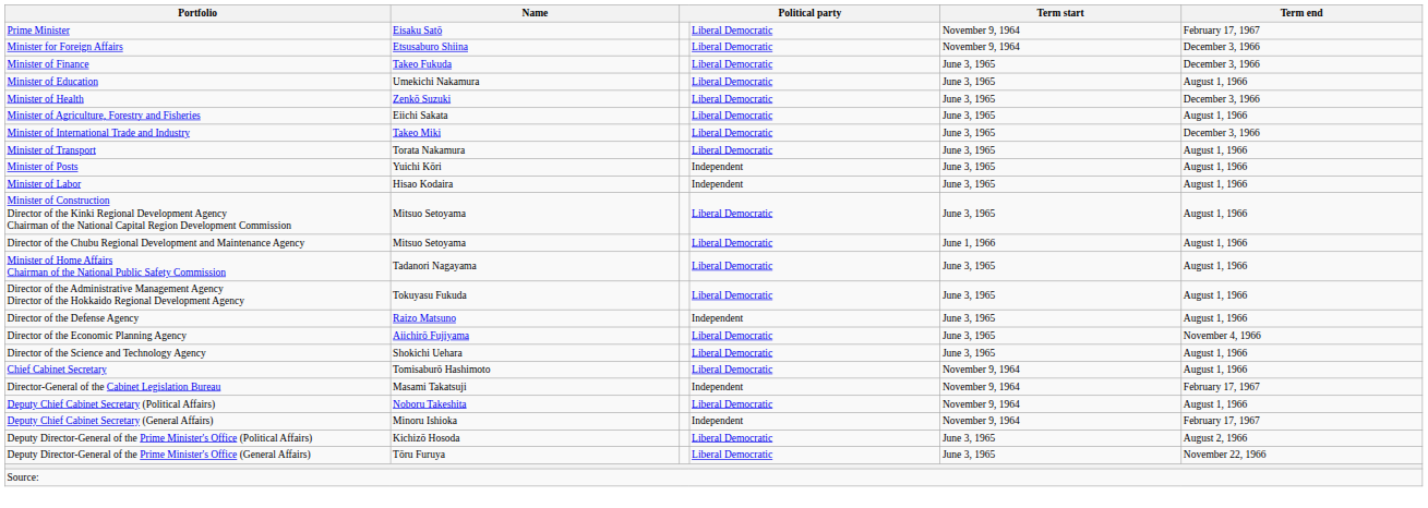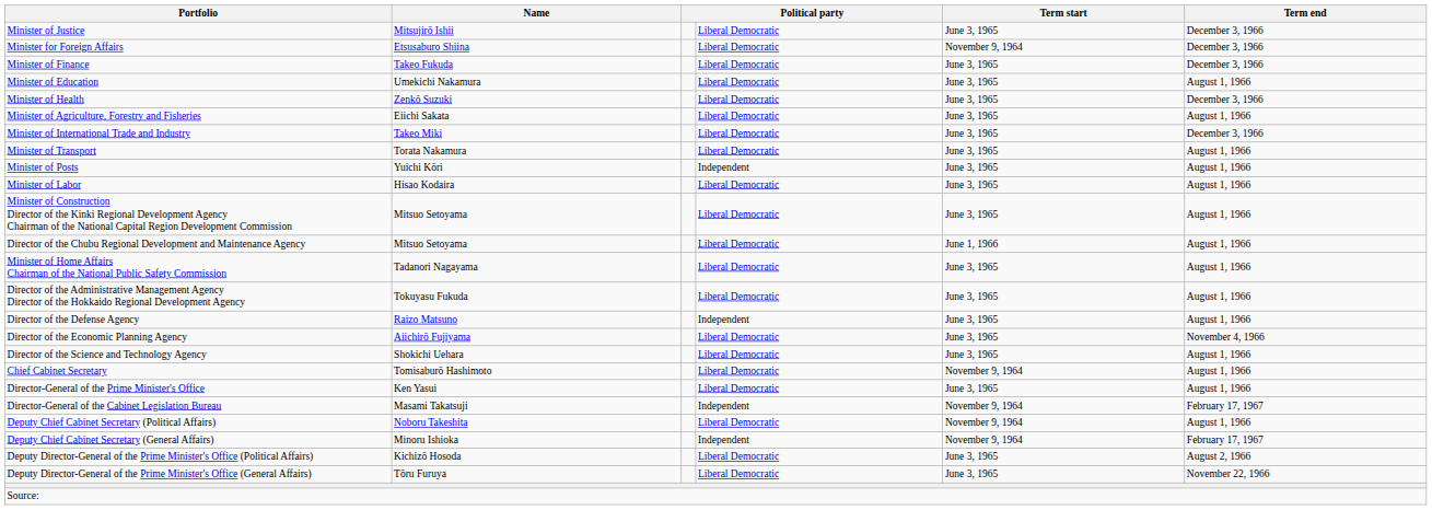 <table class="wikitable" style="font-size: 90%;">
 <tr>
 <th width="20%" scope="col">Portfolio</th>
 <th width="15%" scope="col">Name</th>
 <th colspan="2" width="13.5%" scope="col">Political party</th>
 <th width="12.5%" scope="col">Term start</th>
 <th width="12.5%" scope="col">Term end</th>
 </tr>
 <tr>
-<td style="text-align: left;"><a href='#'>Prime Minister</a></td>
-<td><a href='#'>Eisaku Satō</a></td>
-<td width="0.5%" style="background:"></td>
+<td><a href='#'>Minister of Justice</a></td>
+<td><a href='#'>Mitsujirō Ishii</a></td>
+<td style="color:inherit;background:"></td>
 <td><a href='#'>Liberal Democratic</a></td>
-<td>November 9, 1964</td>
-<td>February 17, 1967</td>
+<td>June 3, 1965</td>
+<td>December 3, 1966</td>
 </tr>
 <tr>
 <td><a href='#'>Minister for Foreign Affairs</a></td>
 <td><a href='#'>Etsusaburo Shiina</a></td>
 <td style="color:inherit;background:"></td>
 <td><a href='#'>Liberal Democratic</a></td>
 <td>November 9, 1964</td>
 <td>December 3, 1966</td>
 </tr>
 <tr>
 <td><a href='#'>Minister of Finance</a></td>
 <td><a href='#'>Takeo Fukuda</a></td>
 <td style="color:inherit;background:"></td>
 <td><a href='#'>Liberal Democratic</a></td>
 <td>June 3, 1965</td>
 <td>December 3, 1966</td>
 </tr>
 <tr>
 <td><a href='#'>Minister of Education</a></td>
 <td>Umekichi Nakamura</td>
 <td style="color:inherit;background:"></td>
 <td><a href='#'>Liberal Democratic</a></td>
 <td>June 3, 1965</td>
 <td>August 1, 1966</td>
 </tr>
 <tr>
 <td><a href='#'>Minister of Health</a></td>
 <td><a href='#'>Zenkō Suzuki</a></td>
 <td style="color:inherit;background:"></td>
 <td><a href='#'>Liberal Democratic</a></td>
 <td>June 3, 1965</td>
 <td>December 3, 1966</td>
 </tr>
 <tr>
 <td><a href='#'>Minister of Agriculture, Forestry and Fisheries</a></td>
 <td>Eiichi Sakata</td>
 <td style="color:inherit;background:"></td>
 <td><a href='#'>Liberal Democratic</a></td>
 <td>June 3, 1965</td>
 <td>August 1, 1966</td>
 </tr>
 <tr>
 <td><a href='#'>Minister of International Trade and Industry</a></td>
 <td><a href='#'>Takeo Miki</a></td>
 <td style="color:inherit;background:"></td>
 <td><a href='#'>Liberal Democratic</a></td>
 <td>June 3, 1965</td>
 <td>December 3, 1966</td>
 </tr>
 <tr>
 <td><a href='#'>Minister of Transport</a></td>
 <td>Torata Nakamura</td>
 <td style="color:inherit;background:"></td>
 <td><a href='#'>Liberal Democratic</a></td>
 <td>June 3, 1965</td>
 <td>August 1, 1966</td>
 </tr>
 <tr>
 <td><a href='#'>Minister of Posts</a></td>
 <td>Yuichi Kōri</td>
 <td style="color:inherit;background:"></td>
 <td>Independent</td>
 <td>June 3, 1965</td>
 <td>August 1, 1966</td>
 </tr>
 <tr>
 <td><a href='#'>Minister of Labor</a></td>
 <td>Hisao Kodaira</td>
 <td style="color:inherit;background:"></td>
-<td>Independent</td>
+<td><a href='#'>Liberal Democratic</a></td>
 <td>June 3, 1965</td>
 <td>August 1, 1966</td>
 </tr>
 <tr>
 <td><a href='#'>Minister of Construction</a><br>Director of the Kinki Regional Development Agency<br>Chairman of the National Capital Region Development Commission</td>
 <td>Mitsuo Setoyama</td>
 <td style="color:inherit;background:"></td>
 <td><a href='#'>Liberal Democratic</a></td>
 <td>June 3, 1965</td>
 <td>August 1, 1966</td>
 </tr>
 <tr>
 <td>Director of the Chubu Regional Development and Maintenance Agency</td>
 <td>Mitsuo Setoyama</td>
 <td style="color:inherit;background:"></td>
 <td><a href='#'>Liberal Democratic</a></td>
 <td>June 1, 1966</td>
 <td>August 1, 1966</td>
 </tr>
 <tr>
 <td><a href='#'>Minister of Home Affairs</a><br><a href='#'>Chairman of the National Public Safety Commission</a></td>
 <td>Tadanori Nagayama</td>
 <td style="color:inherit;background:"></td>
 <td><a href='#'>Liberal Democratic</a></td>
 <td>June 3, 1965</td>
 <td>August 1, 1966</td>
 </tr>
 <tr>
 <td>Director of the Administrative Management Agency<br>Director of the Hokkaido Regional Development Agency</td>
 <td>Tokuyasu Fukuda</td>
 <td style="color:inherit;background:"></td>
 <td><a href='#'>Liberal Democratic</a></td>
 <td>June 3, 1965</td>
 <td>August 1, 1966</td>
 </tr>
 <tr>
 <td>Director of the Defense Agency</td>
 <td><a href='#'>Raizo Matsuno</a></td>
 <td style="color:inherit;background:"></td>
 <td>Independent</td>
 <td>June 3, 1965</td>
 <td>August 1, 1966</td>
 </tr>
 <tr>
 <td>Director of the Economic Planning Agency</td>
 <td><a href='#'>Aiichirō Fujiyama</a></td>
 <td style="color:inherit;background:"></td>
 <td><a href='#'>Liberal Democratic</a></td>
 <td>June 3, 1965</td>
 <td>November 4, 1966</td>
 </tr>
 <tr>
 <td>Director of the Science and Technology Agency</td>
 <td>Shokichi Uehara</td>
 <td style="color:inherit;background:"></td>
 <td><a href='#'>Liberal Democratic</a></td>
 <td>June 3, 1965</td>
 <td>August 1, 1966</td>
 </tr>
 <tr>
 <td><a href='#'>Chief Cabinet Secretary</a></td>
 <td>Tomisaburō Hashimoto</td>
 <td style="color:inherit;background:"></td>
 <td><a href='#'>Liberal Democratic</a></td>
 <td>November 9, 1964</td>
 <td>August 1, 1966</td>
 </tr>
 <tr>
+<td>Director-General of the <a href='#'>Prime Minister's Office</a></td>
+<td>Ken Yasui</td>
+<td style="color:inherit;background:"></td>
+<td><a href='#'>Liberal Democratic</a></td>
+<td>June 3, 1965</td>
+<td>August 1, 1966</td>
+</tr>
+<tr>
 <td>Director-General of the <a href='#'>Cabinet Legislation Bureau</a></td>
 <td>Masami Takatsuji</td>
 <td style="color:inherit;background:"></td>
 <td>Independent</td>
 <td>November 9, 1964</td>
 <td>February 17, 1967</td>
 </tr>
 <tr>
 <td><a href='#'>Deputy Chief Cabinet Secretary</a> (Political Affairs)</td>
 <td><a href='#'>Noboru Takeshita</a></td>
 <td style="color:inherit;background:"></td>
 <td><a href='#'>Liberal Democratic</a></td>
 <td>November 9, 1964</td>
 <td>August 1, 1966</td>
 </tr>
 <tr>
 <td><a href='#'>Deputy Chief Cabinet Secretary</a> (General Affairs)</td>
 <td>Minoru Ishioka</td>
 <td style="color:inherit;background:"></td>
 <td>Independent</td>
 <td>November 9, 1964</td>
 <td>February 17, 1967</td>
 </tr>
 <tr>
 <td>Deputy Director-General of the <a href='#'>Prime Minister's Office</a> (Political Affairs)</td>
 <td>Kichizō Hosoda</td>
 <td style="color:inherit;background:"></td>
 <td><a href='#'>Liberal Democratic</a></td>
 <td>June 3, 1965</td>
 <td>August 2, 1966</td>
 </tr>
 <tr>
 <td>Deputy Director-General of the <a href='#'>Prime Minister's Office</a> (General Affairs)</td>
 <td>Tōru Furuya</td>
 <td style="color:inherit;background:"></td>
 <td><a href='#'>Liberal Democratic</a></td>
 <td>June 3, 1965</td>
 <td>November 22, 1966</td>
 </tr>
 <tr>
 <th colspan="6"></th>
 </tr>
 <tr>
 <td colspan="6">Source:</td>
 </tr>
 </table>
